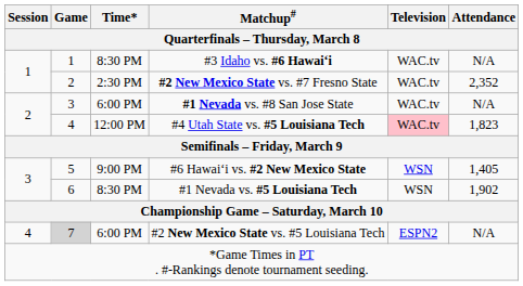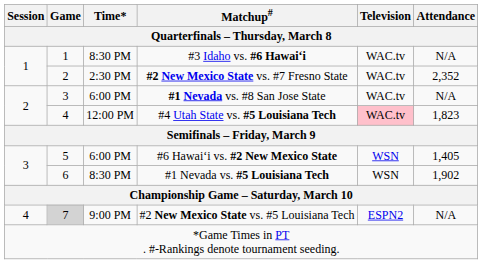 <table class="wikitable" style="text-align:center;font-size: 95%">
 <tr align="center">
 <th>Session</th>
 <th>Game</th>
 <th>Time*</th>
 <th>Matchup<sup>#</sup></th>
 <th>Television</th>
 <th>Attendance</th>
 </tr>
 <tr>
 <th colspan=6>Quarterfinals – Thursday, March 8</th>
 </tr>
 <tr>
 <td rowspan=2 style="text-align:center;">1</td>
 <td>1</td>
 <td>8:30 PM</td>
 <td>#3 <a href='#'>Idaho</a> vs. <strong>#6 Hawaiʻi</strong></td>
 <td>WAC.tv</td>
 <td>N/A</td>
 </tr>
 <tr>
 <td>2</td>
 <td>2:30 PM</td>
 <td><strong>#2 <a href='#'>New Mexico State</a></strong> vs. #7 Fresno State</td>
 <td>WAC.tv</td>
 <td>2,352</td>
 </tr>
 <tr>
 <td rowspan=2 style="text-align:center;">2</td>
 <td>3</td>
 <td>6:00 PM</td>
 <td><strong>#1 <a href='#'>Nevada</a></strong> vs. #8 San Jose State</td>
 <td>WAC.tv</td>
 <td>N/A</td>
 </tr>
 <tr>
 <td>4</td>
 <td>12:00 PM</td>
 <td>#4 <a href='#'>Utah State</a> vs. <strong>#5 Louisiana Tech</strong></td>
 <td style="background: pink;">WAC.tv</td>
 <td>1,823</td>
 </tr>
 <tr>
 <th colspan=6>Semifinals – Friday, March 9</th>
 </tr>
 <tr>
 <td rowspan=2 style="text-align:center;">3</td>
 <td>5</td>
-<td>9:00 PM</td>
+<td>6:00 PM</td>
 <td>#6 Hawaiʻi vs. <strong>#2 New Mexico State</strong></td>
 <td><a href='#'>WSN</a></td>
 <td>1,405</td>
 </tr>
 <tr>
 <td>6</td>
 <td>8:30 PM</td>
 <td>#1 Nevada vs. <strong>#5 Louisiana Tech</strong></td>
 <td>WSN</td>
 <td>1,902</td>
 </tr>
 <tr>
 <th colspan=6>Championship Game – Saturday, March 10</th>
 </tr>
 <tr>
 <td>4</td>
 <td style="background: lightgrey;">7</td>
-<td>6:00 PM</td>
+<td>9:00 PM</td>
 <td>#2 <strong>New Mexico State</strong> vs. #5 Louisiana Tech</td>
 <td><a href='#'>ESPN2</a></td>
 <td>N/A</td>
 </tr>
 <tr>
 <td colspan=6>*Game Times in <a href='#'>PT</a><br>. #-Rankings denote tournament seeding.</td>
 </tr>
 </table>
